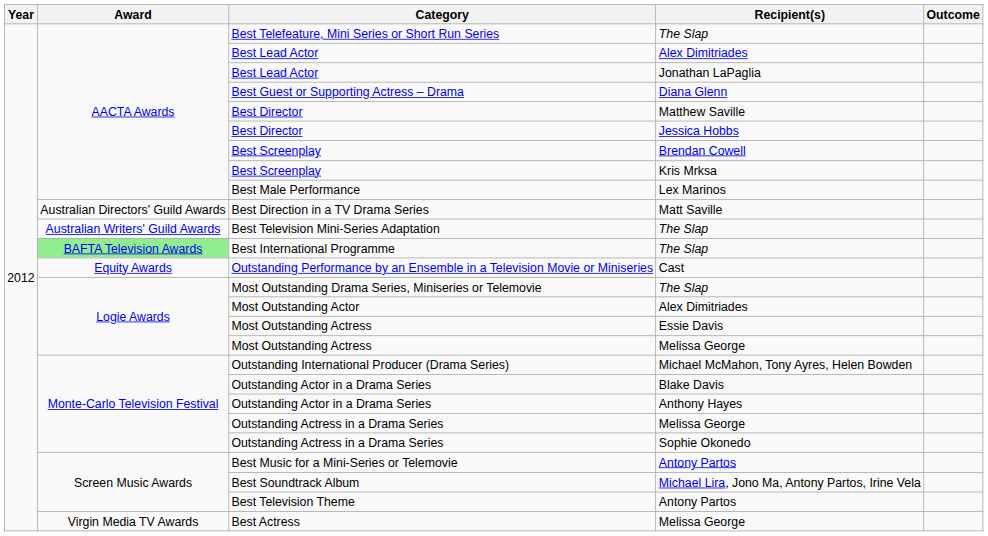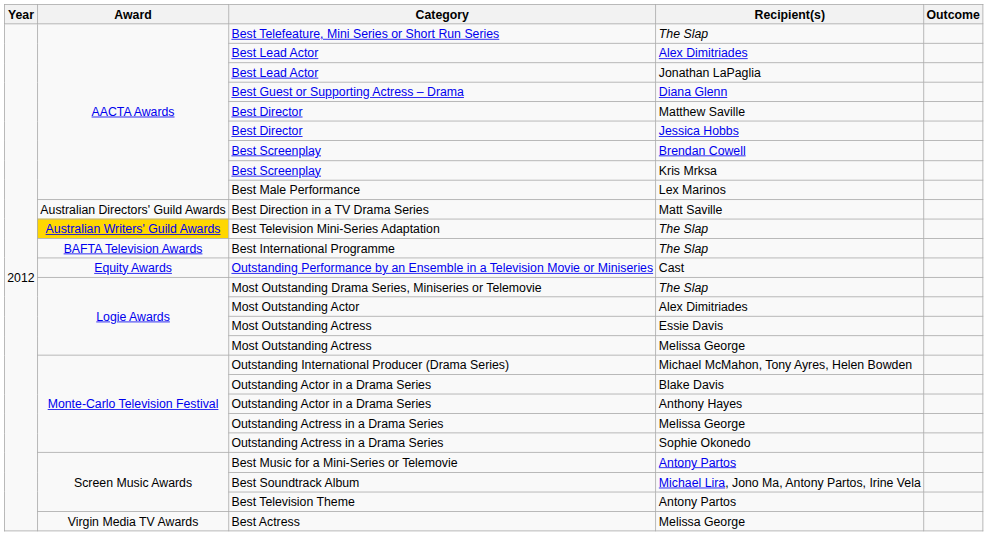 <table class="wikitable" style="font-size:95%;">
 <tr>
 <th>Year</th>
 <th>Award</th>
 <th>Category</th>
 <th>Recipient(s)</th>
 <th>Outcome</th>
 </tr>
 <tr>
 <td rowspan=26 style="text-align:center;">2012</td>
 <td rowspan=9 style="text-align:center;"><a href='#'>AACTA Awards</a></td>
 <td><a href='#'>Best Telefeature, Mini Series or Short Run Series</a></td>
 <td><em>The Slap</em></td>
 <td></td>
 </tr>
 <tr>
 <td><a href='#'>Best Lead Actor</a></td>
 <td><a href='#'>Alex Dimitriades</a></td>
 <td></td>
 </tr>
 <tr>
 <td><a href='#'>Best Lead Actor</a></td>
 <td>Jonathan LaPaglia</td>
 <td></td>
 </tr>
 <tr>
 <td><a href='#'>Best Guest or Supporting Actress – Drama</a></td>
 <td><a href='#'>Diana Glenn</a></td>
 <td></td>
 </tr>
 <tr>
 <td><a href='#'>Best Director</a></td>
 <td>Matthew Saville</td>
 <td></td>
 </tr>
 <tr>
 <td><a href='#'>Best Director</a></td>
 <td><a href='#'>Jessica Hobbs</a></td>
 <td></td>
 </tr>
 <tr>
 <td><a href='#'>Best Screenplay</a></td>
 <td><a href='#'>Brendan Cowell</a></td>
 <td></td>
 </tr>
 <tr>
 <td><a href='#'>Best Screenplay</a></td>
 <td>Kris Mrksa</td>
 <td></td>
 </tr>
 <tr>
 <td>Best Male Performance</td>
 <td>Lex Marinos</td>
 <td></td>
 </tr>
 <tr>
 <td style="text-align:center;">Australian Directors' Guild Awards</td>
 <td>Best Direction in a TV Drama Series</td>
 <td>Matt Saville</td>
 <td></td>
 </tr>
 <tr>
-<td style="text-align:center;"><a href='#'>Australian Writers' Guild Awards</a></td>
+<td style="background: gold; text-align:center;"><a href='#'>Australian Writers' Guild Awards</a></td>
 <td>Best Television Mini-Series Adaptation</td>
 <td><em>The Slap</em></td>
 <td></td>
 </tr>
 <tr>
-<td style="background: lightgreen; text-align:center;"><a href='#'>BAFTA Television Awards</a></td>
+<td style="text-align:center;"><a href='#'>BAFTA Television Awards</a></td>
 <td>Best International Programme</td>
 <td><em>The Slap</em></td>
 <td></td>
 </tr>
 <tr>
 <td style="text-align:center;"><a href='#'>Equity Awards</a></td>
 <td><a href='#'>Outstanding Performance by an Ensemble in a Television Movie or Miniseries</a></td>
 <td>Cast</td>
 <td></td>
 </tr>
 <tr>
 <td rowspan=4 style="text-align:center;"><a href='#'>Logie Awards</a></td>
 <td>Most Outstanding Drama Series, Miniseries or Telemovie</td>
 <td><em>The Slap</em></td>
 <td></td>
 </tr>
 <tr>
 <td>Most Outstanding Actor</td>
 <td>Alex Dimitriades</td>
 <td></td>
 </tr>
 <tr>
 <td>Most Outstanding Actress</td>
 <td>Essie Davis</td>
 <td></td>
 </tr>
 <tr>
 <td>Most Outstanding Actress</td>
 <td>Melissa George</td>
 <td></td>
 </tr>
 <tr>
 <td rowspan=5 style="text-align:center;"><a href='#'>Monte-Carlo Television Festival</a></td>
 <td>Outstanding International Producer (Drama Series)</td>
 <td>Michael McMahon, Tony Ayres, Helen Bowden</td>
 <td></td>
 </tr>
 <tr>
 <td>Outstanding Actor in a Drama Series</td>
 <td>Blake Davis</td>
 <td></td>
 </tr>
 <tr>
 <td>Outstanding Actor in a Drama Series</td>
 <td>Anthony Hayes</td>
 <td></td>
 </tr>
 <tr>
 <td>Outstanding Actress in a Drama Series</td>
 <td>Melissa George</td>
 <td></td>
 </tr>
 <tr>
 <td>Outstanding Actress in a Drama Series</td>
 <td>Sophie Okonedo</td>
 <td></td>
 </tr>
 <tr>
 <td rowspan=3 style="text-align:center;">Screen Music Awards</td>
 <td>Best Music for a Mini-Series or Telemovie</td>
 <td><a href='#'>Antony Partos</a></td>
 <td></td>
 </tr>
 <tr>
 <td>Best Soundtrack Album</td>
 <td><a href='#'>Michael Lira</a>, Jono Ma, Antony Partos, Irine Vela</td>
 <td></td>
 </tr>
 <tr>
 <td>Best Television Theme</td>
 <td>Antony Partos</td>
 <td></td>
 </tr>
 <tr>
 <td style="text-align:center;">Virgin Media TV Awards</td>
 <td>Best Actress</td>
 <td>Melissa George</td>
 <td></td>
 </tr>
 </table>
